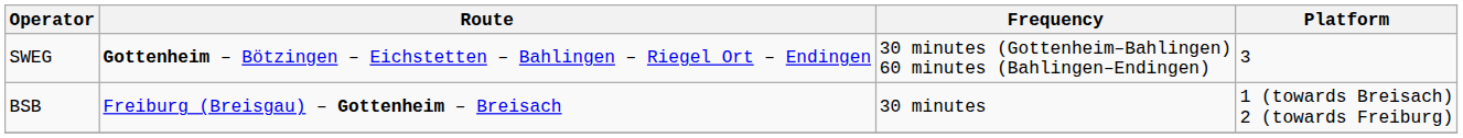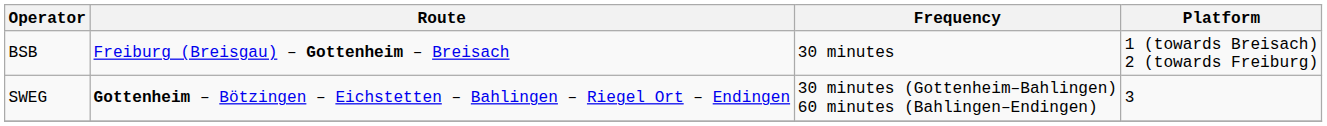 <table class="wikitable">
 <tr>
 <th>Operator</th>
 <th>Route</th>
 <th>Frequency</th>
 <th>Platform</th>
 </tr>
 <tr>
+<td>BSB</td>
+<td><a href='#'>Freiburg (Breisgau)</a> – <strong>Gottenheim</strong> – <a href='#'>Breisach</a></td>
+<td>30 minutes</td>
+<td>1 (towards Breisach)<br> 2 (towards Freiburg)</td>
+</tr>
+<tr>
 <td>SWEG</td>
 <td><strong>Gottenheim</strong> – <a href='#'>Bötzingen</a> – <a href='#'>Eichstetten</a> – <a href='#'>Bahlingen</a> – <a href='#'>Riegel Ort</a> – <a href='#'>Endingen</a></td>
 <td>30 minutes (Gottenheim–Bahlingen)<br> 60 minutes (Bahlingen–Endingen)</td>
 <td>3</td>
 </tr>
 <tr>
-<td>BSB</td>
-<td><a href='#'>Freiburg (Breisgau)</a> – <strong>Gottenheim</strong> – <a href='#'>Breisach</a></td>
-<td>30 minutes</td>
-<td>1 (towards Breisach)<br> 2 (towards Freiburg)</td>
-</tr>
-<tr>
 </tr>
 </table>
